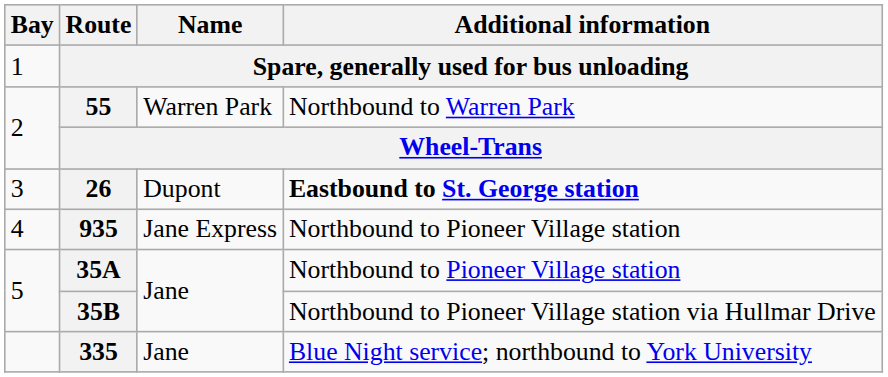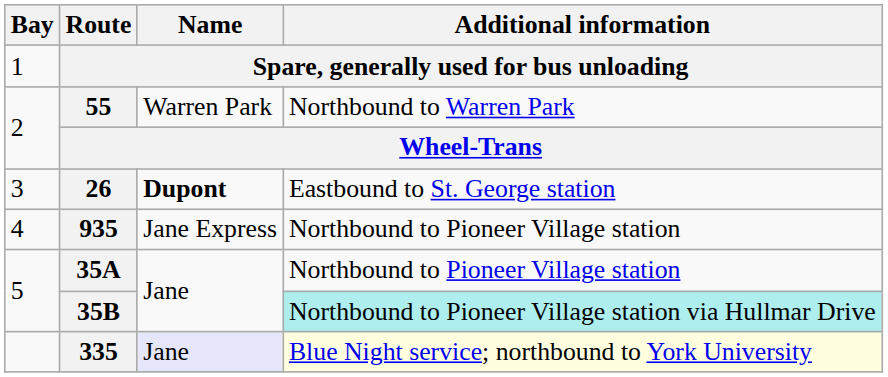 <table class="wikitable">
 <tr>
 <th>Bay</th>
 <th>Route</th>
 <th>Name</th>
 <th>Additional information</th>
 </tr>
 <tr>
 <td>1</td>
 <th colspan="3">Spare, generally used for bus unloading</th>
 </tr>
 <tr>
 <td rowspan="2">2</td>
 <th>55</th>
 <td>Warren Park</td>
 <td>Northbound to <a href='#'>Warren Park</a></td>
 </tr>
 <tr>
 <th colspan="3"><a href='#'>Wheel-Trans</a></th>
 </tr>
 <tr>
 <td>3</td>
 <th>26</th>
-<td>Dupont</td>
-<td><strong>Eastbound to <a href='#'>St. George station</a></strong></td>
+<td><strong>Dupont</strong></td>
+<td>Eastbound to <a href='#'>St. George station</a></td>
 </tr>
 <tr>
 <td>4</td>
 <th>935</th>
 <td>Jane Express</td>
 <td>Northbound to Pioneer Village station</td>
 </tr>
 <tr>
 <td rowspan="2">5</td>
 <th>35A</th>
 <td rowspan="2">Jane</td>
 <td>Northbound to <a href='#'>Pioneer Village station</a></td>
 </tr>
 <tr>
 <th>35B</th>
-<td>Northbound to Pioneer Village station via Hullmar Drive</td>
+<td style="background: paleturquoise;">Northbound to Pioneer Village station via Hullmar Drive</td>
 </tr>
 <tr>
 <td></td>
 <th>335</th>
-<td>Jane</td>
-<td><a href='#'>Blue Night service</a>; northbound to <a href='#'>York University</a></td>
+<td style="background: lavender;">Jane</td>
+<td style="background: lightyellow;"><a href='#'>Blue Night service</a>; northbound to <a href='#'>York University</a></td>
 </tr>
 </table>
